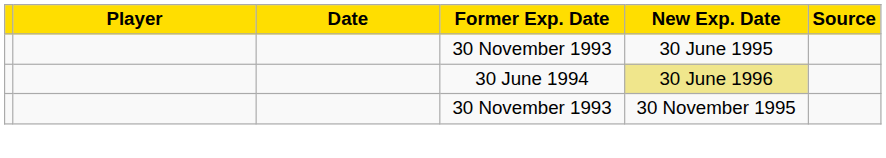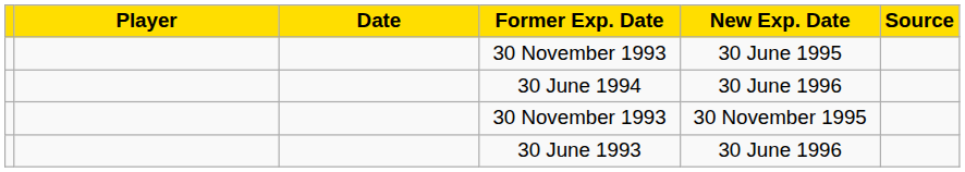 <table class="wikitable sortable">
 <tr>
 <th style="background:#FFDE00"></th>
 <th width=200 style="background:#FFDE00">Player</th>
 <th width=150 style="background:#FFDE00">Date</th>
 <th width=150 style="background:#FFDE00">Former Exp. Date</th>
 <th width=150 style="background:#FFDE00">New Exp. Date</th>
 <th style="background:#FFDE00">Source</th>
 </tr>
 <tr>
 <td align=center></td>
 <td></td>
 <td align=center></td>
 <td align=center>30 November 1993</td>
 <td align=center>30 June 1995</td>
 <td align=center></td>
 </tr>
 <tr>
 <td align=center></td>
 <td></td>
 <td align=center></td>
 <td align=center>30 June 1994</td>
-<td align=center style="background: khaki;">30 June 1996</td>
+<td align=center>30 June 1996</td>
 <td align=center></td>
 </tr>
 <tr>
 <td align=center></td>
 <td></td>
 <td align=center></td>
 <td align=center>30 November 1993</td>
 <td align=center>30 November 1995</td>
 <td align=center></td>
 </tr>
+<tr>
+<td align=center></td>
+<td></td>
+<td align=center></td>
+<td align=center>30 June 1993</td>
+<td align=center>30 June 1996</td>
+<td align=center></td>
+</tr>
 </table>
